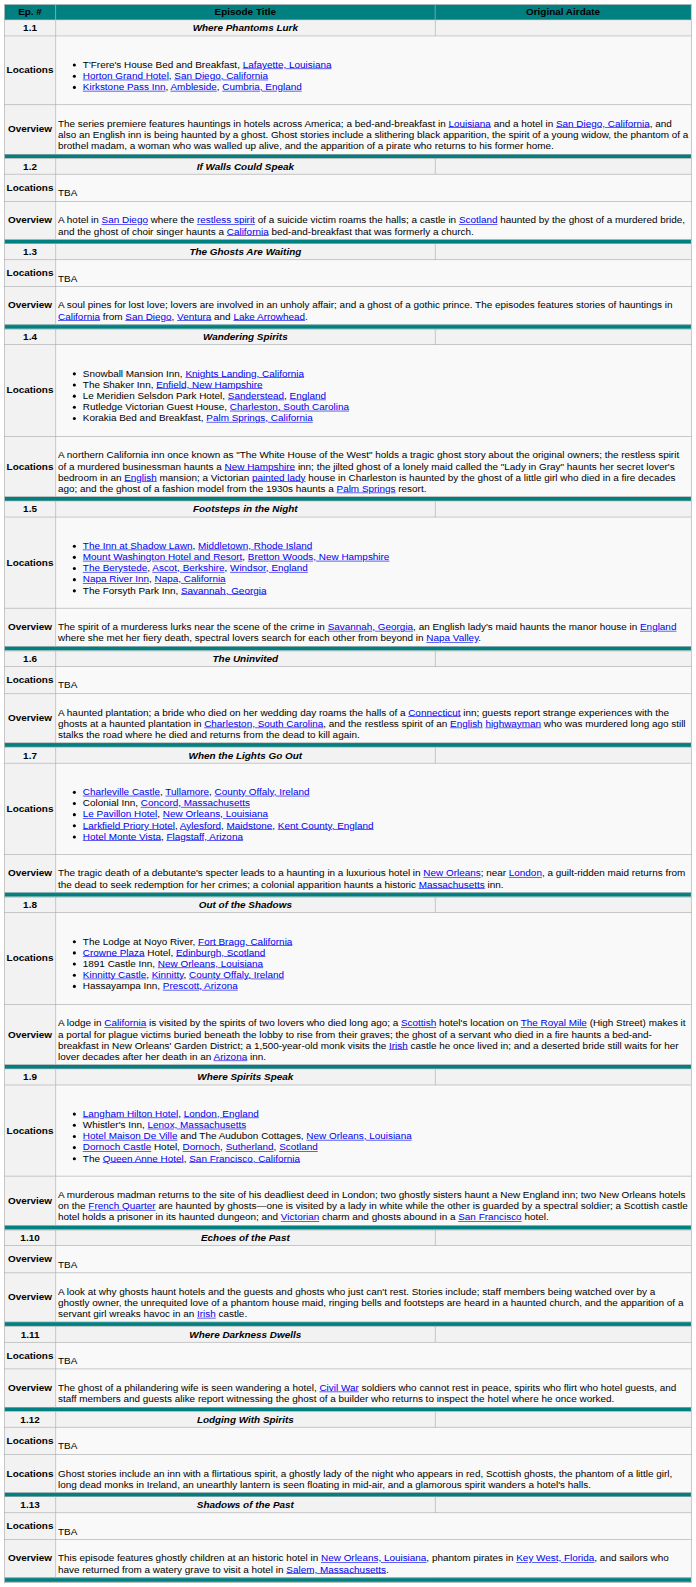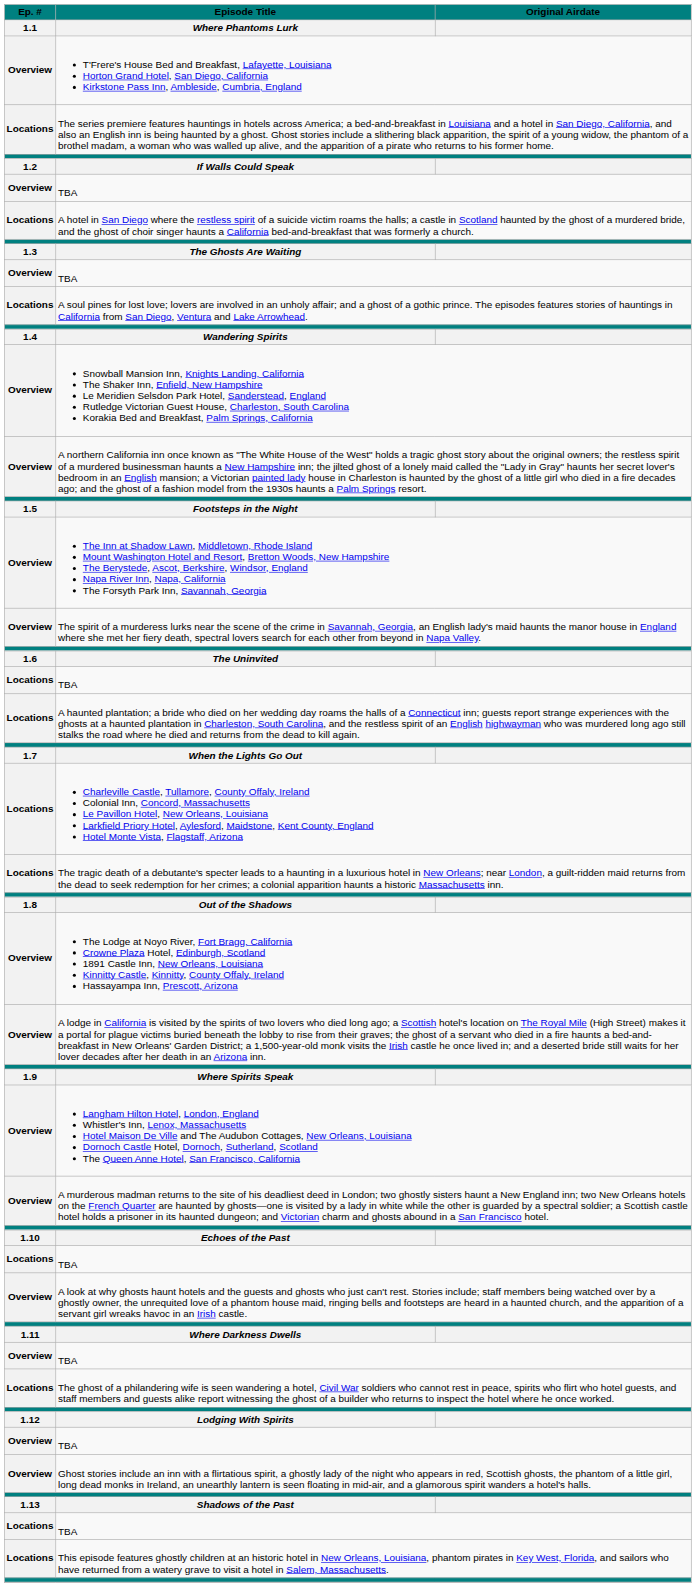 <table class="wikitable" style="width:70%;" style=background:#FFFFFF;">
 <tr>
 <th style="background:teal;"><span>Ep. #</span></th>
 <th style="background:teal;"><span>Episode Title</span></th>
 <th style="background:teal;"><span>Original Airdate</span></th>
 </tr>
 <tr>
 <th>1.1</th>
 <th><em>Where Phantoms Lurk</em></th>
 <th></th>
 </tr>
 <tr>
-<th>Locations</th>
+<th>Overview</th>
 <td colspan="5"><br><ul><li>T'Frere's House Bed and Breakfast, <a href='#'>Lafayette, Louisiana</a></li><li><a href='#'>Horton Grand Hotel</a>, <a href='#'>San Diego, California</a></li><li><a href='#'>Kirkstone Pass Inn</a>, <a href='#'>Ambleside</a>, <a href='#'>Cumbria, England</a></li></ul></td>
 </tr>
 <tr>
-<th>Overview</th>
+<th>Locations</th>
 <td colspan="3"><br>The series premiere features hauntings in hotels across America; a bed-and-breakfast in <a href='#'>Louisiana</a> and a hotel in <a href='#'>San Diego, California</a>, and also an English inn is being haunted by a ghost. Ghost stories include a slithering black apparition, the spirit of a young widow, the phantom of a brothel madam, a woman who was walled up alive, and the apparition of a pirate who returns to his former home.</td>
 </tr>
 <tr>
 <td colspan="3" style="background:teal;"></td>
 </tr>
 <tr>
 <th>1.2</th>
 <th><em>If Walls Could Speak</em></th>
 <th></th>
 </tr>
 <tr>
-<th>Locations</th>
+<th>Overview</th>
 <td colspan="3"><br>TBA</td>
 </tr>
 <tr>
-<th>Overview</th>
+<th>Locations</th>
 <td colspan="3"><br>A hotel in <a href='#'>San Diego</a> where the <a href='#'>restless spirit</a> of a suicide victim roams the halls; a castle in <a href='#'>Scotland</a> haunted by the ghost of a murdered bride, and the ghost of choir singer haunts a <a href='#'>California</a> bed-and-breakfast that was formerly a church.</td>
 </tr>
 <tr>
 <td colspan="3" style="background:teal;"></td>
 </tr>
 <tr>
 <th>1.3</th>
 <th><em>The Ghosts Are Waiting</em></th>
 <th></th>
 </tr>
 <tr>
-<th>Locations</th>
+<th>Overview</th>
 <td colspan="3"><br>TBA</td>
 </tr>
 <tr>
-<th>Overview</th>
+<th>Locations</th>
 <td colspan="3"><br>A soul pines for lost love; lovers are involved in an unholy affair; and a ghost of a gothic prince. The episodes features stories of hauntings in <a href='#'>California</a> from <a href='#'>San Diego</a>, <a href='#'>Ventura</a> and <a href='#'>Lake Arrowhead</a>.</td>
 </tr>
 <tr>
 <td colspan="3" style="background:teal;"></td>
 </tr>
 <tr>
 <th>1.4</th>
 <th><em>Wandering Spirits</em></th>
 <th></th>
 </tr>
 <tr>
-<th>Locations</th>
+<th>Overview</th>
 <td colspan="3"><br><ul><li>Snowball Mansion Inn, <a href='#'>Knights Landing, California</a></li><li>The Shaker Inn, <a href='#'>Enfield, New Hampshire</a></li><li>Le Meridien Selsdon Park Hotel, <a href='#'>Sanderstead</a>, <a href='#'>England</a></li><li>Rutledge Victorian Guest House, <a href='#'>Charleston, South Carolina</a></li><li>Korakia Bed and Breakfast, <a href='#'>Palm Springs, California</a></li></ul></td>
 </tr>
 <tr>
-<th>Locations</th>
+<th>Overview</th>
 <td colspan="3"><br>A northern California inn once known as "The White House of the West" holds a tragic ghost story about the original owners; the restless spirit of a murdered businessman haunts a <a href='#'>New Hampshire</a> inn; the jilted ghost of a lonely maid called the "Lady in Gray" haunts her secret lover's bedroom in an <a href='#'>English</a> mansion; a Victorian <a href='#'>painted lady</a> house in Charleston is haunted by the ghost of a little girl who died in a fire decades ago; and the ghost of a fashion model from the 1930s haunts a <a href='#'>Palm Springs</a> resort.</td>
 </tr>
 <tr>
 <td colspan="3" style="background:teal;"></td>
 </tr>
 <tr>
 <th>1.5</th>
 <th><em>Footsteps in the Night</em></th>
 <th></th>
 </tr>
 <tr>
-<th>Locations</th>
+<th>Overview</th>
 <td colspan="3"><br><ul><li><a href='#'>The Inn at Shadow Lawn</a>, <a href='#'>Middletown, Rhode Island</a></li><li><a href='#'>Mount Washington Hotel and Resort</a>, <a href='#'>Bretton Woods, New Hampshire</a></li><li><a href='#'>The Berystede</a>, <a href='#'>Ascot, Berkshire</a>, <a href='#'>Windsor, England</a></li><li><a href='#'>Napa River Inn</a>, <a href='#'>Napa, California</a></li><li>The Forsyth Park Inn, <a href='#'>Savannah, Georgia</a></li></ul></td>
 </tr>
 <tr>
 <th>Overview</th>
 <td colspan="3"><br>The spirit of a murderess lurks near the scene of the crime in <a href='#'>Savannah, Georgia</a>, an English lady's maid haunts the manor house in <a href='#'>England</a> where she met her fiery death, spectral lovers search for each other from beyond in <a href='#'>Napa Valley</a>.</td>
 </tr>
 <tr>
 <td colspan="3" style="background:teal;"></td>
 </tr>
 <tr>
 <th>1.6</th>
 <th><em>The Uninvited</em></th>
 <th></th>
 </tr>
 <tr>
 <th>Locations</th>
 <td colspan="3"><br>TBA</td>
 </tr>
 <tr>
-<th>Overview</th>
+<th>Locations</th>
 <td colspan="3"><br>A haunted plantation; a bride who died on her wedding day roams the halls of a <a href='#'>Connecticut</a> inn; guests report strange experiences with the ghosts at a haunted plantation in <a href='#'>Charleston, South Carolina</a>, and the restless spirit of an <a href='#'>English</a> <a href='#'>highwayman</a> who was murdered long ago still stalks the road where he died and returns from the dead to kill again.</td>
 </tr>
 <tr>
 <td colspan="3" style="background:teal;"></td>
 </tr>
 <tr>
 <th>1.7</th>
 <th><em>When the Lights Go Out</em></th>
 <th></th>
 </tr>
 <tr>
 <th>Locations</th>
 <td colspan="3"><br><ul><li><a href='#'>Charleville Castle</a>, <a href='#'>Tullamore</a>, <a href='#'>County Offaly, Ireland</a></li><li>Colonial Inn, <a href='#'>Concord, Massachusetts</a></li><li><a href='#'>Le Pavillon Hotel</a>, <a href='#'>New Orleans, Louisiana</a></li><li><a href='#'>Larkfield Priory Hotel</a>, <a href='#'>Aylesford</a>, <a href='#'>Maidstone</a>, <a href='#'>Kent County, England</a></li><li><a href='#'>Hotel Monte Vista</a>, <a href='#'>Flagstaff, Arizona</a></li></ul></td>
 </tr>
 <tr>
-<th>Overview</th>
+<th>Locations</th>
 <td colspan="3"><br>The tragic death of a debutante's specter leads to a haunting in a luxurious hotel in <a href='#'>New Orleans</a>; near <a href='#'>London</a>, a guilt-ridden maid returns from the dead to seek redemption for her crimes; a colonial apparition haunts a historic <a href='#'>Massachusetts</a> inn.</td>
 </tr>
 <tr>
 <td colspan="3" style="background:teal;"></td>
 </tr>
 <tr>
 <th>1.8</th>
 <th><em>Out of the Shadows</em></th>
 <th></th>
 </tr>
 <tr>
-<th>Locations</th>
+<th>Overview</th>
 <td colspan="3"><br><ul><li>The Lodge at Noyo River, <a href='#'>Fort Bragg, California</a></li><li><a href='#'>Crowne Plaza</a> Hotel, <a href='#'>Edinburgh, Scotland</a></li><li>1891 Castle Inn, <a href='#'>New Orleans, Louisiana</a></li><li><a href='#'>Kinnitty Castle</a>, <a href='#'>Kinnitty</a>, <a href='#'>County Offaly, Ireland</a></li><li>Hassayampa Inn, <a href='#'>Prescott, Arizona</a></li></ul></td>
 </tr>
 <tr>
 <th>Overview</th>
 <td colspan="3"><br>A lodge in <a href='#'>California</a> is visited by the spirits of two lovers who died long ago; a <a href='#'>Scottish</a> hotel's location on <a href='#'>The Royal Mile</a> (High Street) makes it a portal for plague victims buried beneath the lobby to rise from their graves; the ghost of a servant who died in a fire haunts a bed-and-breakfast in New Orleans' Garden District; a 1,500-year-old monk visits the <a href='#'>Irish</a> castle he once lived in; and a deserted bride still waits for her lover decades after her death in an <a href='#'>Arizona</a> inn.</td>
 </tr>
 <tr>
 <td colspan="3" style="background:teal;"></td>
 </tr>
 <tr>
 <th>1.9</th>
 <th><em>Where Spirits Speak</em></th>
 <th></th>
 </tr>
 <tr>
-<th>Locations</th>
+<th>Overview</th>
 <td colspan="3"><br><ul><li><a href='#'>Langham Hilton Hotel</a>, <a href='#'>London, England</a></li><li>Whistler's Inn, <a href='#'>Lenox, Massachusetts</a></li><li><a href='#'>Hotel Maison De Ville</a> and The Audubon Cottages, <a href='#'>New Orleans, Louisiana</a></li><li><a href='#'>Dornoch Castle</a> Hotel, <a href='#'>Dornoch</a>, <a href='#'>Sutherland</a>, <a href='#'>Scotland</a></li><li>The <a href='#'>Queen Anne Hotel</a>, <a href='#'>San Francisco, California</a></li></ul></td>
 </tr>
 <tr>
 <th>Overview</th>
 <td colspan="3"><br>A murderous madman returns to the site of his deadliest deed in London; two ghostly sisters haunt a New England inn; two New Orleans hotels on the <a href='#'>French Quarter</a> are haunted by ghosts—one is visited by a lady in white while the other is guarded by a spectral soldier; a Scottish castle hotel holds a prisoner in its haunted dungeon; and <a href='#'>Victorian</a> charm and ghosts abound in a <a href='#'>San Francisco</a> hotel.</td>
 </tr>
 <tr>
 <td colspan="3" style="background:teal;"></td>
 </tr>
 <tr>
 <th>1.10</th>
 <th><em>Echoes of the Past</em></th>
 <th></th>
 </tr>
 <tr>
-<th>Overview</th>
+<th>Locations</th>
 <td colspan="3"><br>TBA</td>
 </tr>
 <tr>
 <th>Overview</th>
 <td colspan="3"><br>A look at why ghosts haunt hotels and the guests and ghosts who just can't rest. Stories include; staff members being watched over by a ghostly owner, the unrequited love of a phantom house maid, ringing bells and footsteps are heard in a haunted church, and the apparition of a servant girl wreaks havoc in an <a href='#'>Irish</a> castle.</td>
 </tr>
 <tr>
 <td colspan="3" style="background:teal;"></td>
 </tr>
 <tr>
 <th>1.11</th>
 <th><em>Where Darkness Dwells</em></th>
 <th></th>
 </tr>
 <tr>
-<th>Locations</th>
+<th>Overview</th>
 <td colspan="3"><br>TBA</td>
 </tr>
 <tr>
-<th>Overview</th>
+<th>Locations</th>
 <td colspan="3"><br>The ghost of a philandering wife is seen wandering a hotel, <a href='#'>Civil War</a> soldiers who cannot rest in peace, spirits who flirt who hotel guests, and staff members and guests alike report witnessing the ghost of a builder who returns to inspect the hotel where he once worked.</td>
 </tr>
 <tr>
 <td colspan="3" style="background:teal;"></td>
 </tr>
 <tr>
 <th>1.12</th>
 <th><em>Lodging With Spirits</em></th>
 <th></th>
 </tr>
 <tr>
-<th>Locations</th>
+<th>Overview</th>
 <td colspan="3"><br>TBA</td>
 </tr>
 <tr>
-<th>Locations</th>
+<th>Overview</th>
 <td colspan="3"><br>Ghost stories include an inn with a flirtatious spirit, a ghostly lady of the night who appears in red, Scottish ghosts, the phantom of a little girl, long dead monks in Ireland, an unearthly lantern is seen floating in mid-air, and a glamorous spirit wanders a hotel's halls.</td>
 </tr>
 <tr>
 <td colspan="3" style="background:teal;"></td>
 </tr>
 <tr>
 <th>1.13</th>
 <th><em>Shadows of the Past</em></th>
 <th></th>
 </tr>
 <tr>
 <th>Locations</th>
 <td colspan="3"><br>TBA</td>
 </tr>
 <tr>
-<th>Overview</th>
+<th>Locations</th>
 <td colspan="3"><br>This episode features ghostly children at an historic hotel in <a href='#'>New Orleans, Louisiana</a>, phantom pirates in <a href='#'>Key West, Florida</a>, and sailors who have returned from a watery grave to visit a hotel in <a href='#'>Salem, Massachusetts</a>.</td>
 </tr>
 <tr>
 <td colspan="3" style="background:teal;"></td>
 </tr>
 <tr>
 </tr>
 </table>
